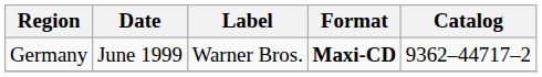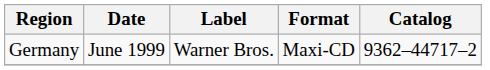 <table class="wikitable">
 <tr>
 <th>Region</th>
 <th>Date</th>
 <th>Label</th>
 <th>Format</th>
 <th>Catalog</th>
 </tr>
 <tr>
 <td>Germany</td>
 <td>June 1999</td>
 <td>Warner Bros.</td>
-<td><strong>Maxi-CD</strong></td>
+<td>Maxi-CD</td>
 <td>9362‒44717‒2</td>
 </tr>
 <tr>
 </tr>
 </table>
